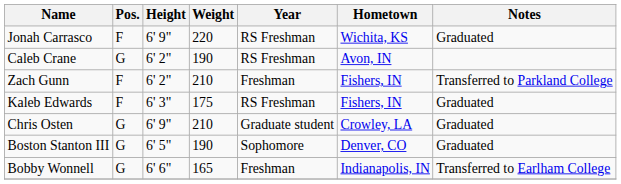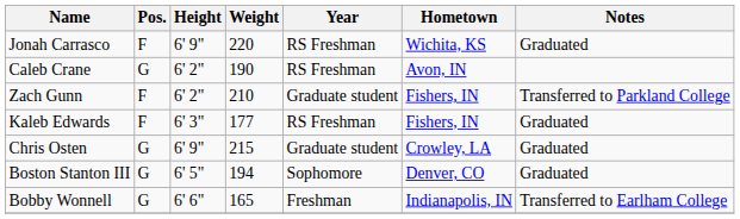 <table class="wikitable sortable" border="1">
 <tr align=center>
 <th>Name</th>
 <th>Pos.</th>
 <th>Height</th>
 <th>Weight</th>
 <th>Year</th>
 <th>Hometown</th>
 <th>Notes</th>
 </tr>
 <tr>
 <td>Jonah Carrasco</td>
 <td>F</td>
 <td>6' 9"</td>
 <td>220</td>
 <td>RS Freshman</td>
 <td><a href='#'>Wichita, KS</a></td>
 <td>Graduated</td>
 </tr>
 <tr>
 <td>Caleb Crane</td>
 <td>G</td>
 <td>6' 2"</td>
 <td>190</td>
 <td>RS Freshman</td>
 <td><a href='#'>Avon, IN</a></td>
 <td></td>
 </tr>
 <tr>
 <td>Zach Gunn</td>
 <td>F</td>
 <td>6' 2"</td>
 <td>210</td>
-<td>Freshman</td>
+<td>Graduate student</td>
 <td><a href='#'>Fishers, IN</a></td>
 <td>Transferred to <a href='#'>Parkland College</a></td>
 </tr>
 <tr>
 <td>Kaleb Edwards</td>
 <td>F</td>
 <td>6' 3"</td>
-<td>175</td>
+<td>177</td>
 <td>RS Freshman</td>
 <td><a href='#'>Fishers, IN</a></td>
 <td>Graduated</td>
 </tr>
 <tr>
 <td>Chris Osten</td>
 <td>G</td>
 <td>6' 9"</td>
-<td>210</td>
+<td>215</td>
 <td>Graduate student</td>
 <td><a href='#'>Crowley, LA</a></td>
 <td>Graduated</td>
 </tr>
 <tr>
 <td>Boston Stanton III</td>
 <td>G</td>
 <td>6' 5"</td>
-<td>190</td>
+<td>194</td>
 <td>Sophomore</td>
 <td><a href='#'>Denver, CO</a></td>
 <td>Graduated</td>
 </tr>
 <tr>
 <td>Bobby Wonnell</td>
 <td>G</td>
 <td>6' 6"</td>
 <td>165</td>
 <td>Freshman</td>
 <td><a href='#'>Indianapolis, IN</a></td>
 <td>Transferred to <a href='#'>Earlham College</a></td>
 </tr>
 <tr>
 </tr>
 </table>
